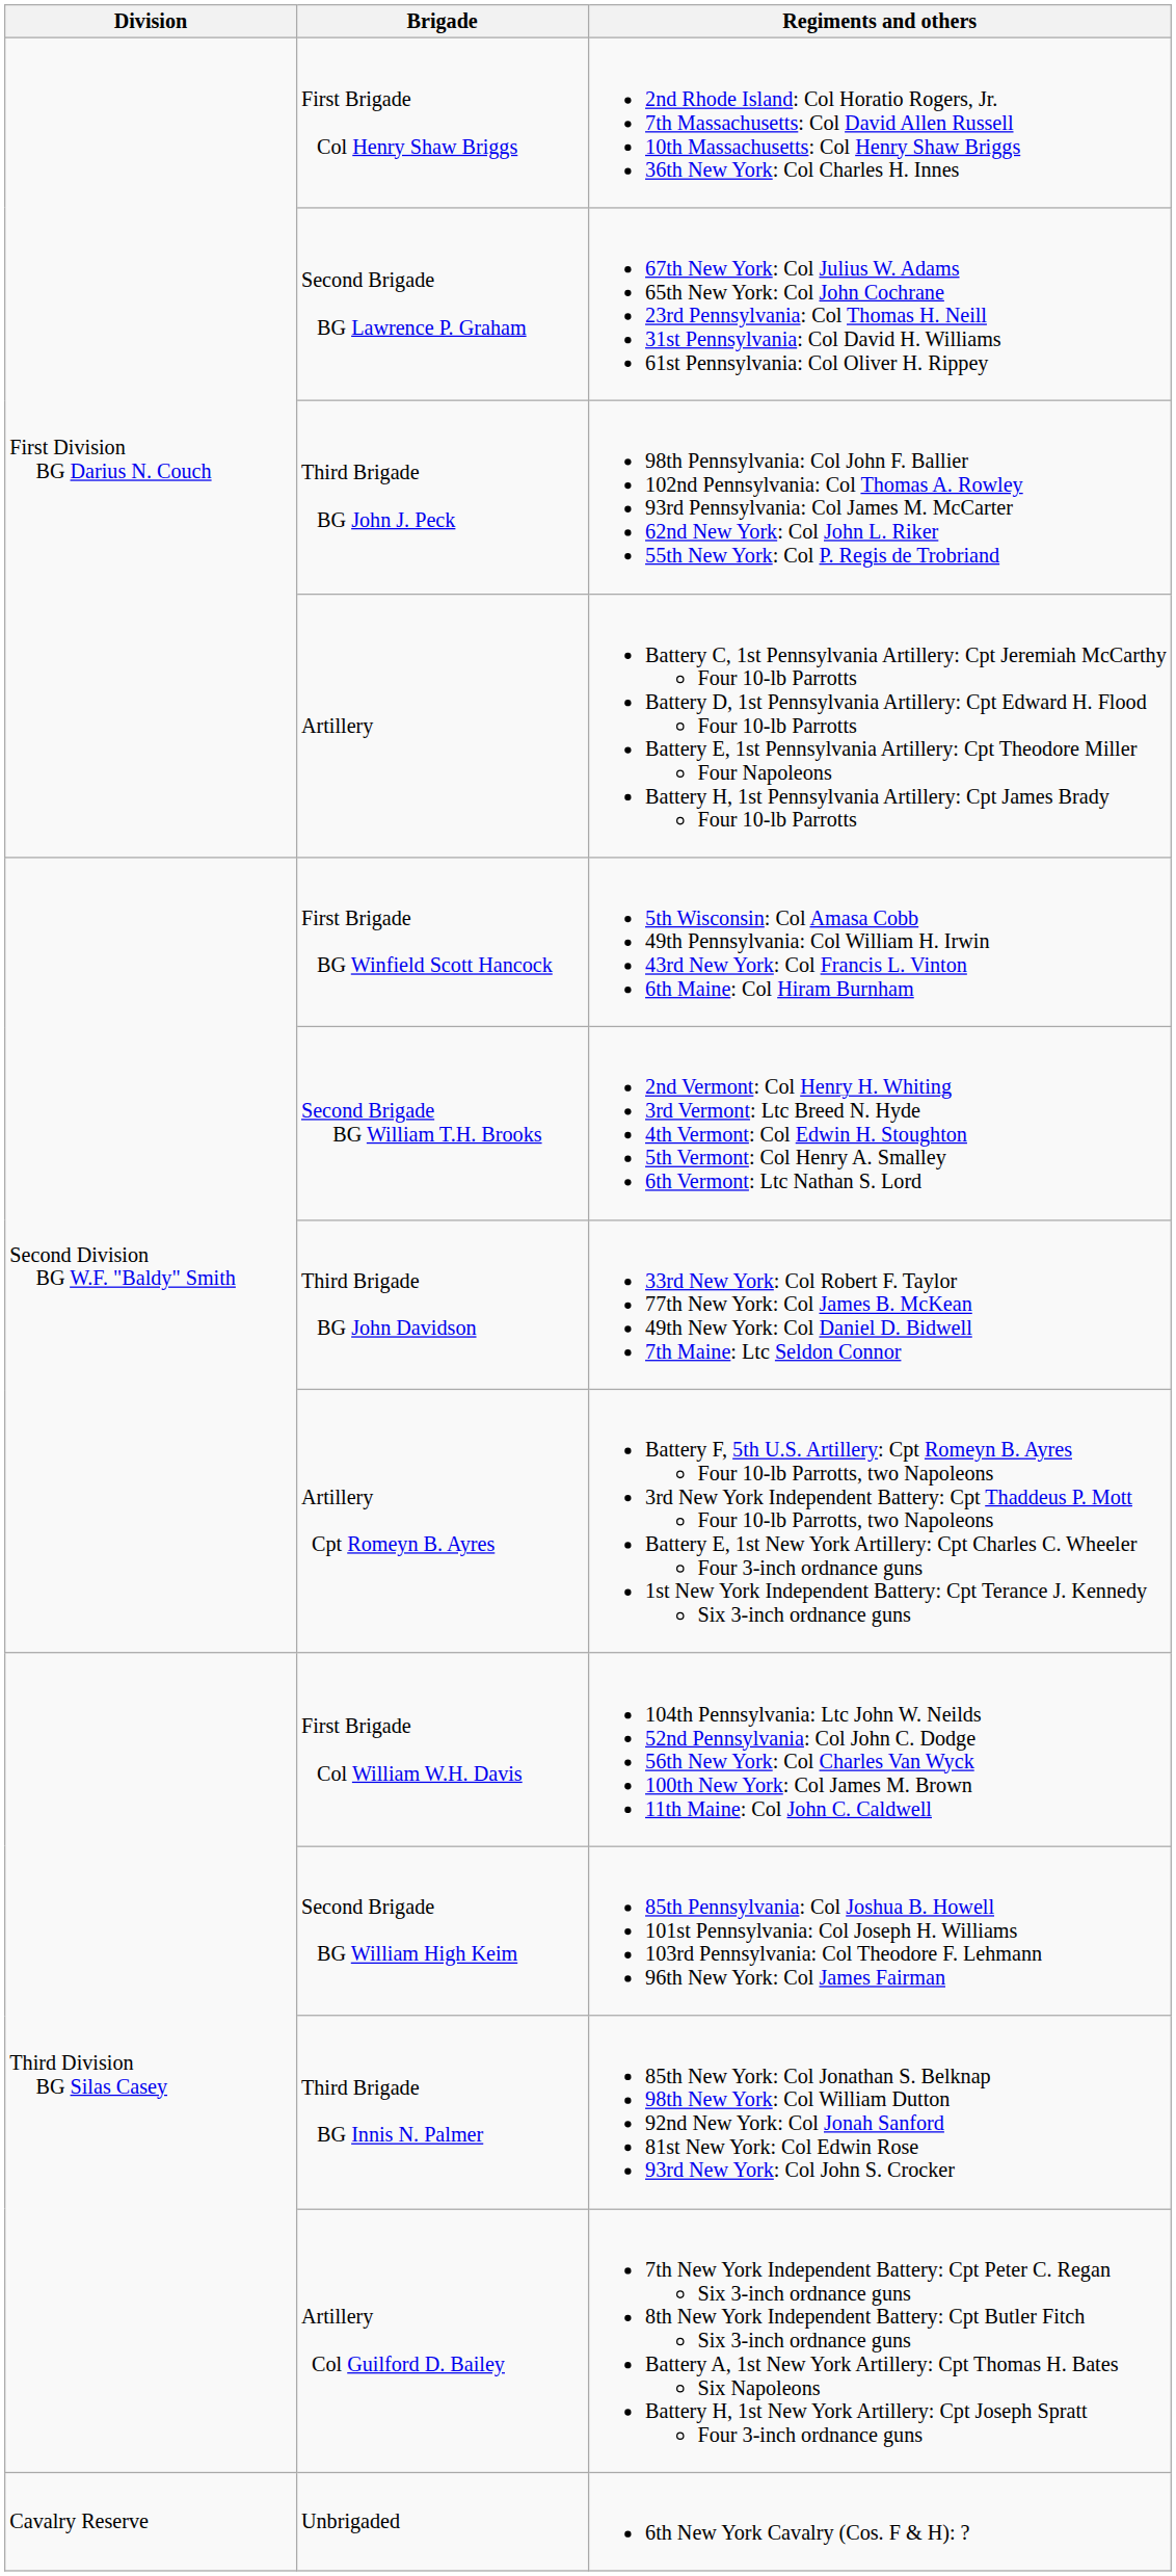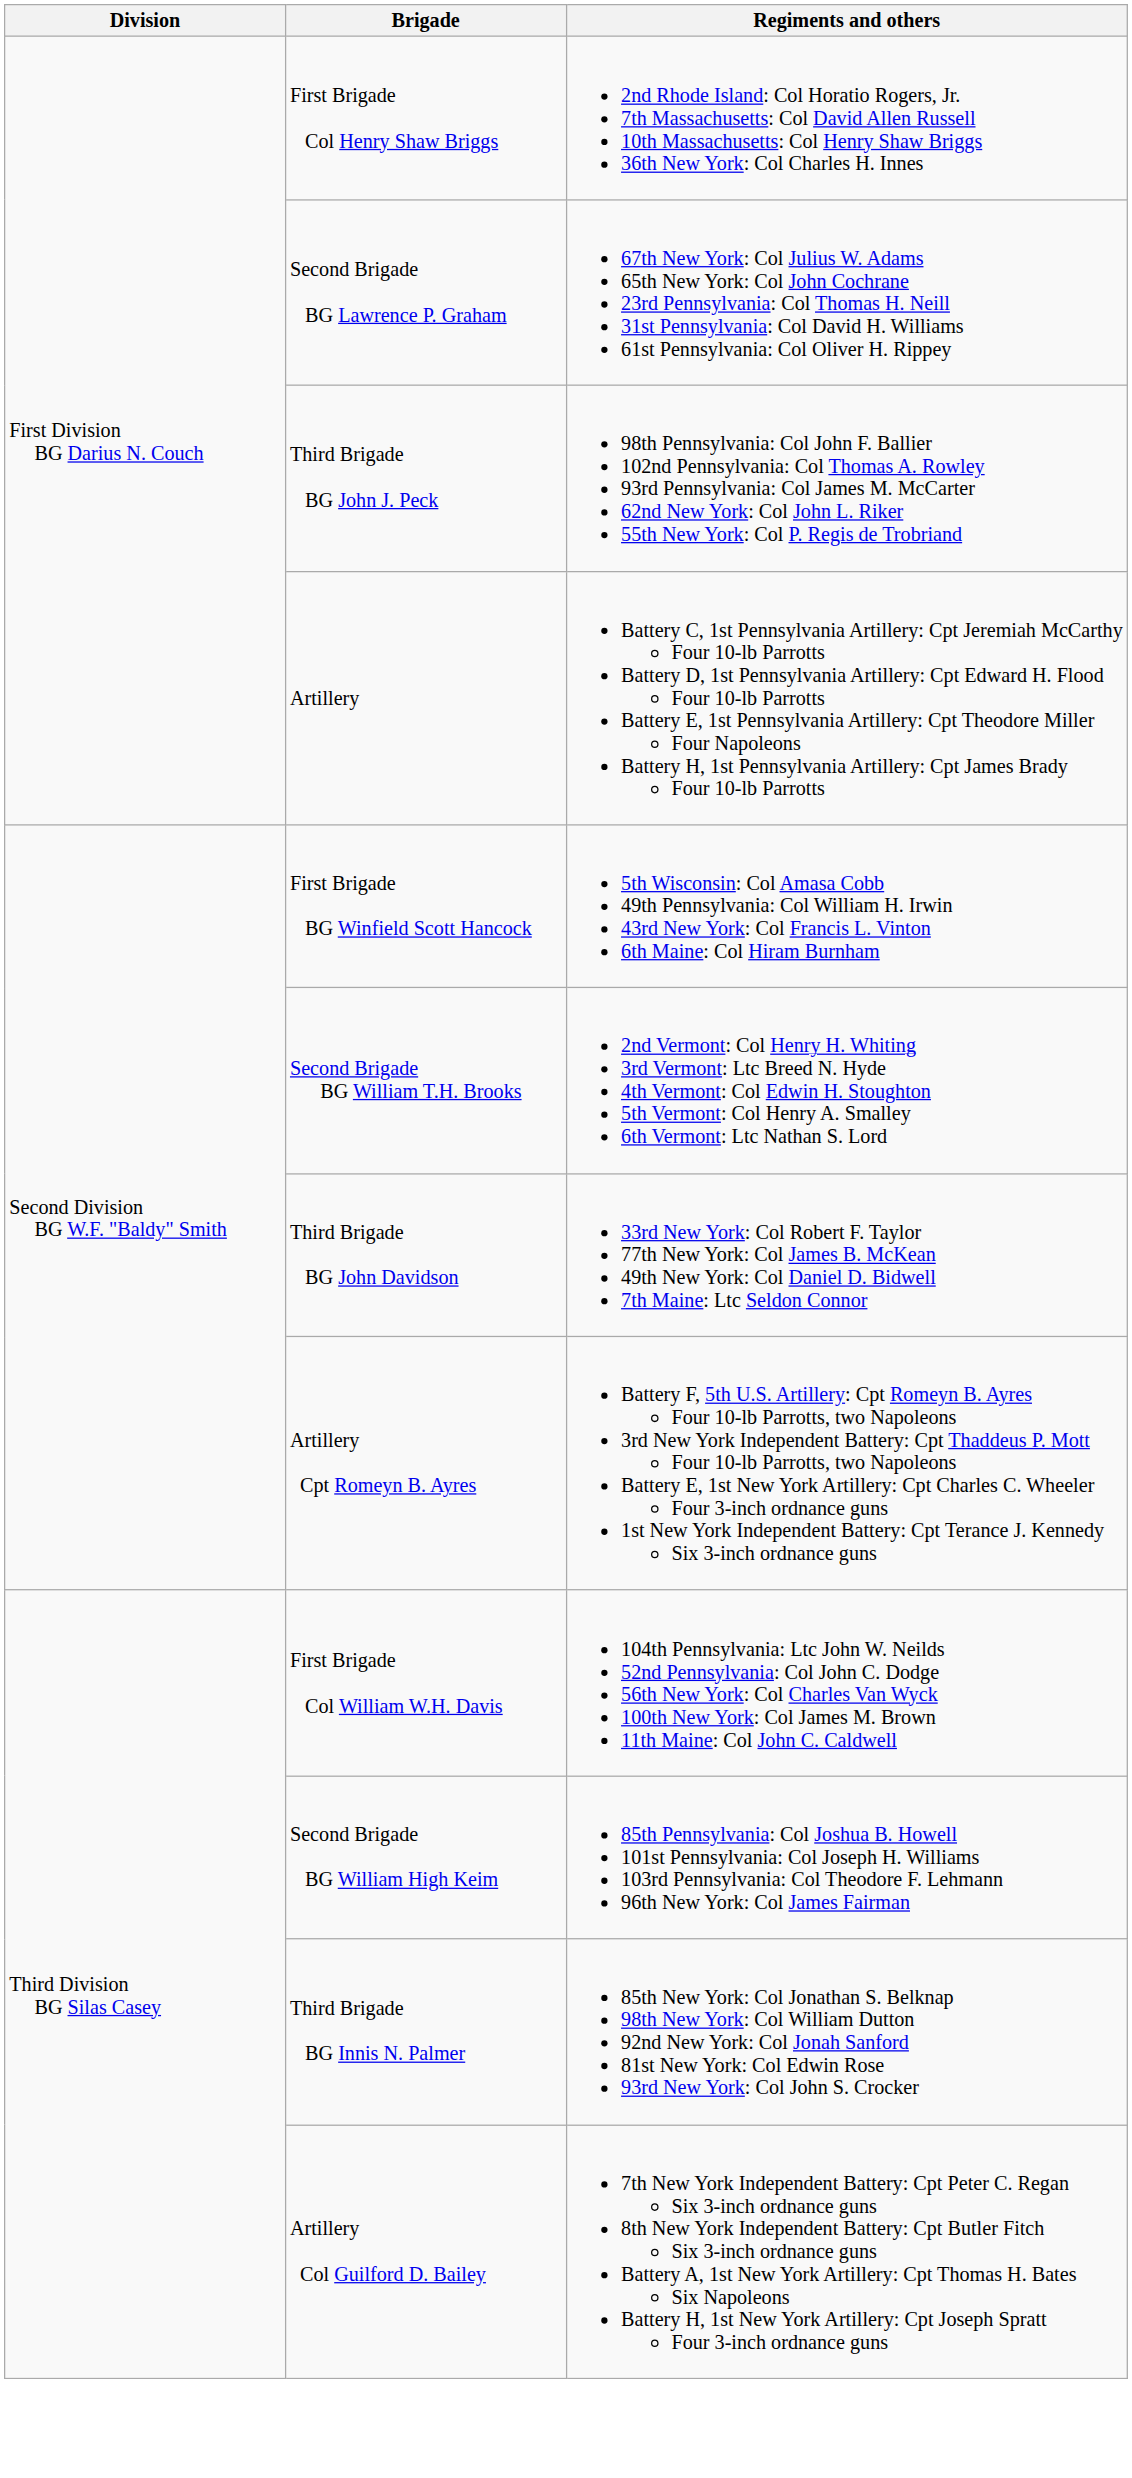 <table class="wikitable">
 <tr>
 <th width=25%>Division</th>
 <th width=25%>Brigade</th>
 <th>Regiments and others</th>
 </tr>
 <tr>
 <td rowspan=4><br>First Division <br>     BG <a href='#'>Darius N. Couch</a></td>
 <td>First Brigade<br><br>   Col <a href='#'>Henry Shaw Briggs</a></td>
 <td><br><ul><li><a href='#'>2nd Rhode Island</a>: Col Horatio Rogers, Jr.</li><li><a href='#'>7th Massachusetts</a>: Col <a href='#'>David Allen Russell</a></li><li><a href='#'>10th Massachusetts</a>: Col <a href='#'>Henry Shaw Briggs</a></li><li><a href='#'>36th New York</a>: Col Charles H. Innes</li></ul></td>
 </tr>
 <tr>
 <td>Second Brigade<br><br>   BG <a href='#'>Lawrence P. Graham</a></td>
 <td><br><ul><li><a href='#'>67th New York</a>: Col <a href='#'>Julius W. Adams</a></li><li>65th New York: Col <a href='#'>John Cochrane</a></li><li><a href='#'>23rd Pennsylvania</a>: Col <a href='#'>Thomas H. Neill</a></li><li><a href='#'>31st Pennsylvania</a>: Col David H. Williams</li><li>61st Pennsylvania: Col Oliver H. Rippey</li></ul></td>
 </tr>
 <tr>
 <td>Third Brigade<br><br>   BG <a href='#'>John J. Peck</a></td>
 <td><br><ul><li>98th Pennsylvania: Col John F. Ballier</li><li>102nd Pennsylvania: Col <a href='#'>Thomas A. Rowley</a></li><li>93rd Pennsylvania: Col James M. McCarter</li><li><a href='#'>62nd New York</a>: Col <a href='#'>John L. Riker</a></li><li><a href='#'>55th New York</a>: Col <a href='#'>P. Regis de Trobriand</a></li></ul></td>
 </tr>
 <tr>
 <td>Artillery</td>
 <td><br><ul><li>Battery C, 1st Pennsylvania Artillery: Cpt Jeremiah McCarthy<ul><li>Four 10-lb Parrotts</li></ul></li><li>Battery D, 1st Pennsylvania Artillery: Cpt Edward H. Flood<ul><li>Four 10-lb Parrotts</li></ul></li><li>Battery E, 1st Pennsylvania Artillery: Cpt Theodore Miller<ul><li>Four Napoleons</li></ul></li><li>Battery H, 1st Pennsylvania Artillery: Cpt James Brady<ul><li>Four 10-lb Parrotts</li></ul></li></ul></td>
 </tr>
 <tr>
 <td rowspan=4><br>Second Division <br>     BG <a href='#'>W.F. "Baldy" Smith</a></td>
 <td>First Brigade<br><br>   BG <a href='#'>Winfield Scott Hancock</a></td>
 <td><br><ul><li><a href='#'>5th Wisconsin</a>: Col <a href='#'>Amasa Cobb</a></li><li>49th Pennsylvania: Col William H. Irwin</li><li><a href='#'>43rd New York</a>: Col <a href='#'>Francis L. Vinton</a></li><li><a href='#'>6th Maine</a>: Col <a href='#'>Hiram Burnham</a></li></ul></td>
 </tr>
 <tr>
 <td><a href='#'>Second Brigade</a><br>      BG <a href='#'>William T.H. Brooks</a></td>
 <td><br><ul><li><a href='#'>2nd Vermont</a>: Col <a href='#'>Henry H. Whiting</a></li><li><a href='#'>3rd Vermont</a>: Ltc Breed N. Hyde</li><li><a href='#'>4th Vermont</a>: Col <a href='#'>Edwin H. Stoughton</a></li><li><a href='#'>5th Vermont</a>: Col Henry A. Smalley</li><li><a href='#'>6th Vermont</a>: Ltc Nathan S. Lord</li></ul></td>
 </tr>
 <tr>
 <td>Third Brigade<br><br>   BG <a href='#'>John Davidson</a></td>
 <td><br><ul><li><a href='#'>33rd New York</a>: Col Robert F. Taylor</li><li>77th New York: Col <a href='#'>James B. McKean</a></li><li>49th New York: Col <a href='#'>Daniel D. Bidwell</a></li><li><a href='#'>7th Maine</a>: Ltc <a href='#'>Seldon Connor</a></li></ul></td>
 </tr>
 <tr>
 <td>Artillery<br><br>  Cpt <a href='#'>Romeyn B. Ayres</a></td>
 <td><br><ul><li>Battery F, <a href='#'>5th U.S. Artillery</a>: Cpt <a href='#'>Romeyn B. Ayres</a><ul><li>Four 10-lb Parrotts, two Napoleons</li></ul></li><li>3rd New York Independent Battery: Cpt <a href='#'>Thaddeus P. Mott</a><ul><li>Four 10-lb Parrotts, two Napoleons</li></ul></li><li>Battery E, 1st New York Artillery: Cpt Charles C. Wheeler<ul><li>Four 3-inch ordnance guns</li></ul></li><li>1st New York Independent Battery: Cpt Terance J. Kennedy<ul><li>Six 3-inch ordnance guns</li></ul></li></ul></td>
 </tr>
 <tr>
 <td rowspan=4><br>Third Division <br>     BG <a href='#'>Silas Casey</a></td>
 <td>First Brigade<br><br>   Col <a href='#'>William W.H. Davis</a></td>
 <td><br><ul><li>104th Pennsylvania: Ltc John W. Neilds</li><li><a href='#'>52nd Pennsylvania</a>: Col John C. Dodge</li><li><a href='#'>56th New York</a>: Col <a href='#'>Charles Van Wyck</a></li><li><a href='#'>100th New York</a>: Col James M. Brown</li><li><a href='#'>11th Maine</a>: Col <a href='#'>John C. Caldwell</a></li></ul></td>
 </tr>
 <tr>
 <td>Second Brigade<br><br>   BG <a href='#'>William High Keim</a></td>
 <td><br><ul><li><a href='#'>85th Pennsylvania</a>: Col <a href='#'>Joshua B. Howell</a></li><li>101st Pennsylvania: Col Joseph H. Williams</li><li>103rd Pennsylvania: Col Theodore F. Lehmann</li><li>96th New York: Col <a href='#'>James Fairman</a></li></ul></td>
 </tr>
 <tr>
 <td>Third Brigade<br><br>   BG <a href='#'>Innis N. Palmer</a></td>
 <td><br><ul><li>85th New York: Col Jonathan S. Belknap</li><li><a href='#'>98th New York</a>: Col William Dutton</li><li>92nd New York: Col <a href='#'>Jonah Sanford</a></li><li>81st New York: Col Edwin Rose</li><li><a href='#'>93rd New York</a>: Col John S. Crocker</li></ul></td>
 </tr>
 <tr>
 <td>Artillery<br><br>  Col <a href='#'>Guilford D. Bailey</a></td>
 <td><br><ul><li>7th New York Independent Battery: Cpt Peter C. Regan<ul><li>Six 3-inch ordnance guns</li></ul></li><li>8th New York Independent Battery: Cpt Butler Fitch<ul><li>Six 3-inch ordnance guns</li></ul></li><li>Battery A, 1st New York Artillery: Cpt Thomas H. Bates<ul><li>Six Napoleons</li></ul></li><li>Battery H, 1st New York Artillery: Cpt Joseph Spratt<ul><li>Four 3-inch ordnance guns</li></ul></li></ul></td>
 </tr>
-<tr>
-<td>Cavalry Reserve</td>
-<td>Unbrigaded</td>
-<td><br><ul><li>6th New York Cavalry (Cos. F & H): ?</li></ul></td>
-</tr>
 </table>
